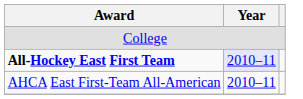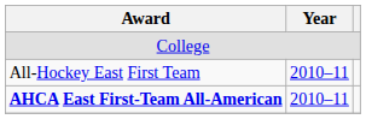 <table class="wikitable">
 <tr>
 <th>Award</th>
 <th>Year</th>
 <th></th>
 </tr>
 <tr ALIGN="center" bgcolor="#e0e0e0">
 <td colspan="3"><a href='#'>College</a></td>
 </tr>
 <tr>
-<td><strong>All-<a href='#'>Hockey East</a> <a href='#'>First Team</a></strong></td>
-<td style="background: lavender;"><a href='#'>2010–11</a></td>
+<td>All-<a href='#'>Hockey East</a> <a href='#'>First Team</a></td>
+<td><a href='#'>2010–11</a></td>
 <td></td>
 </tr>
 <tr>
-<td><a href='#'>AHCA</a> <a href='#'>East First-Team All-American</a></td>
+<td><strong><a href='#'>AHCA</a> <a href='#'>East First-Team All-American</a></strong></td>
 <td><a href='#'>2010–11</a></td>
 <td></td>
 </tr>
 <tr>
 </tr>
 </table>
